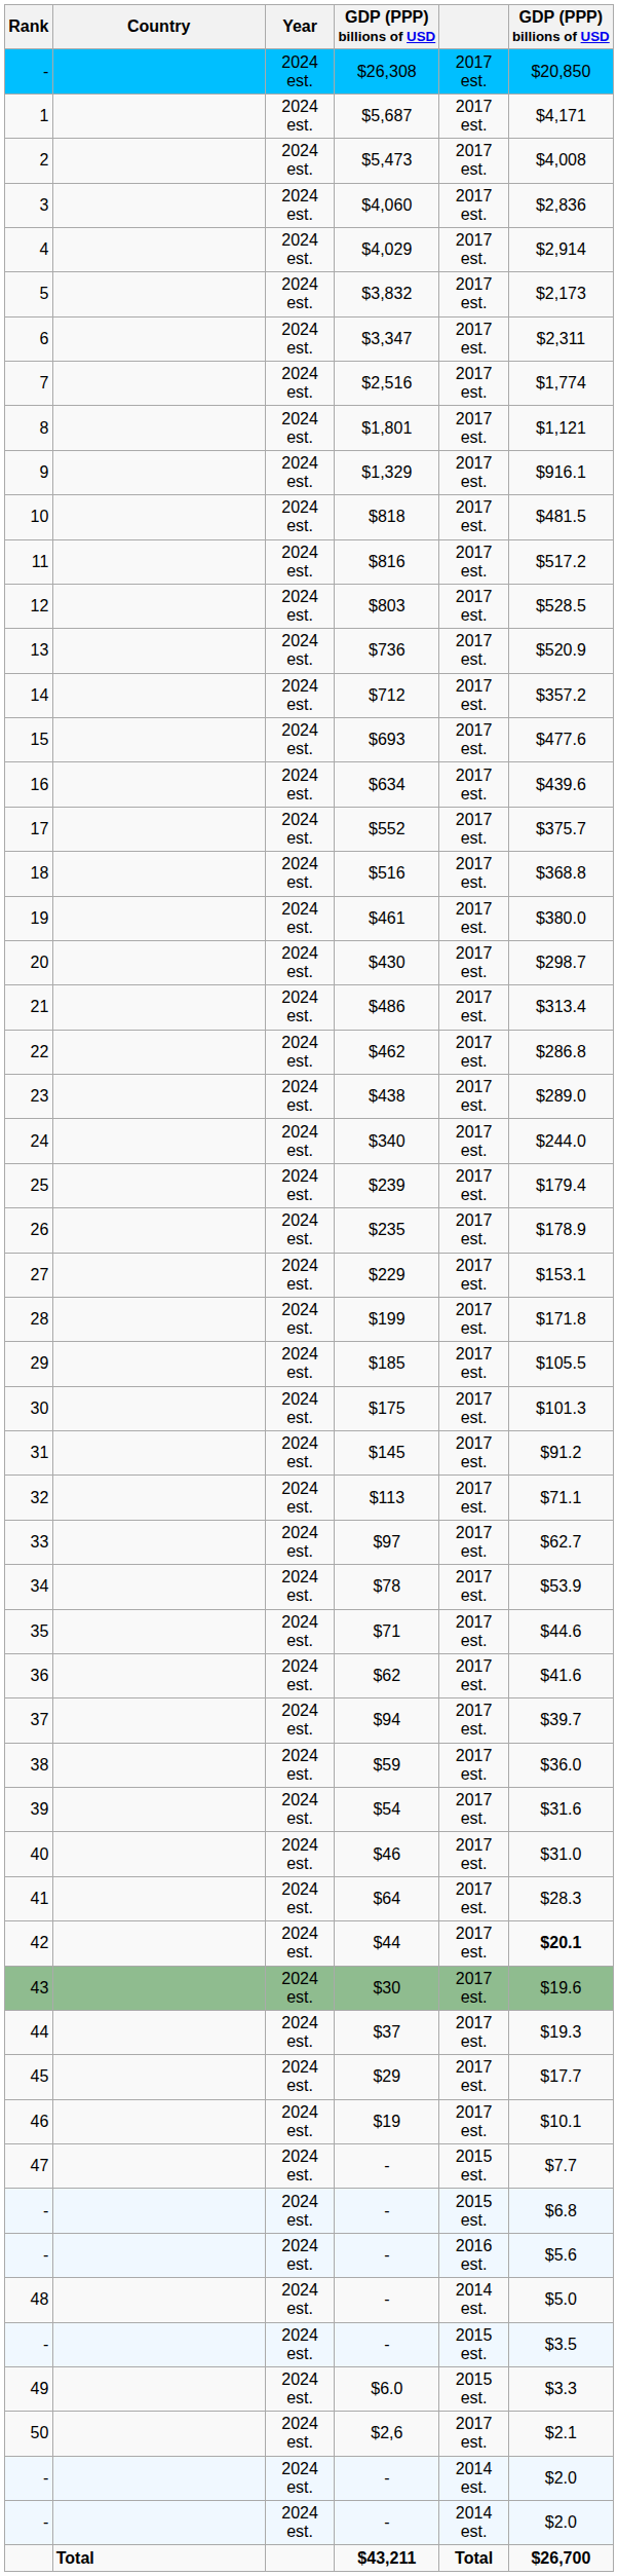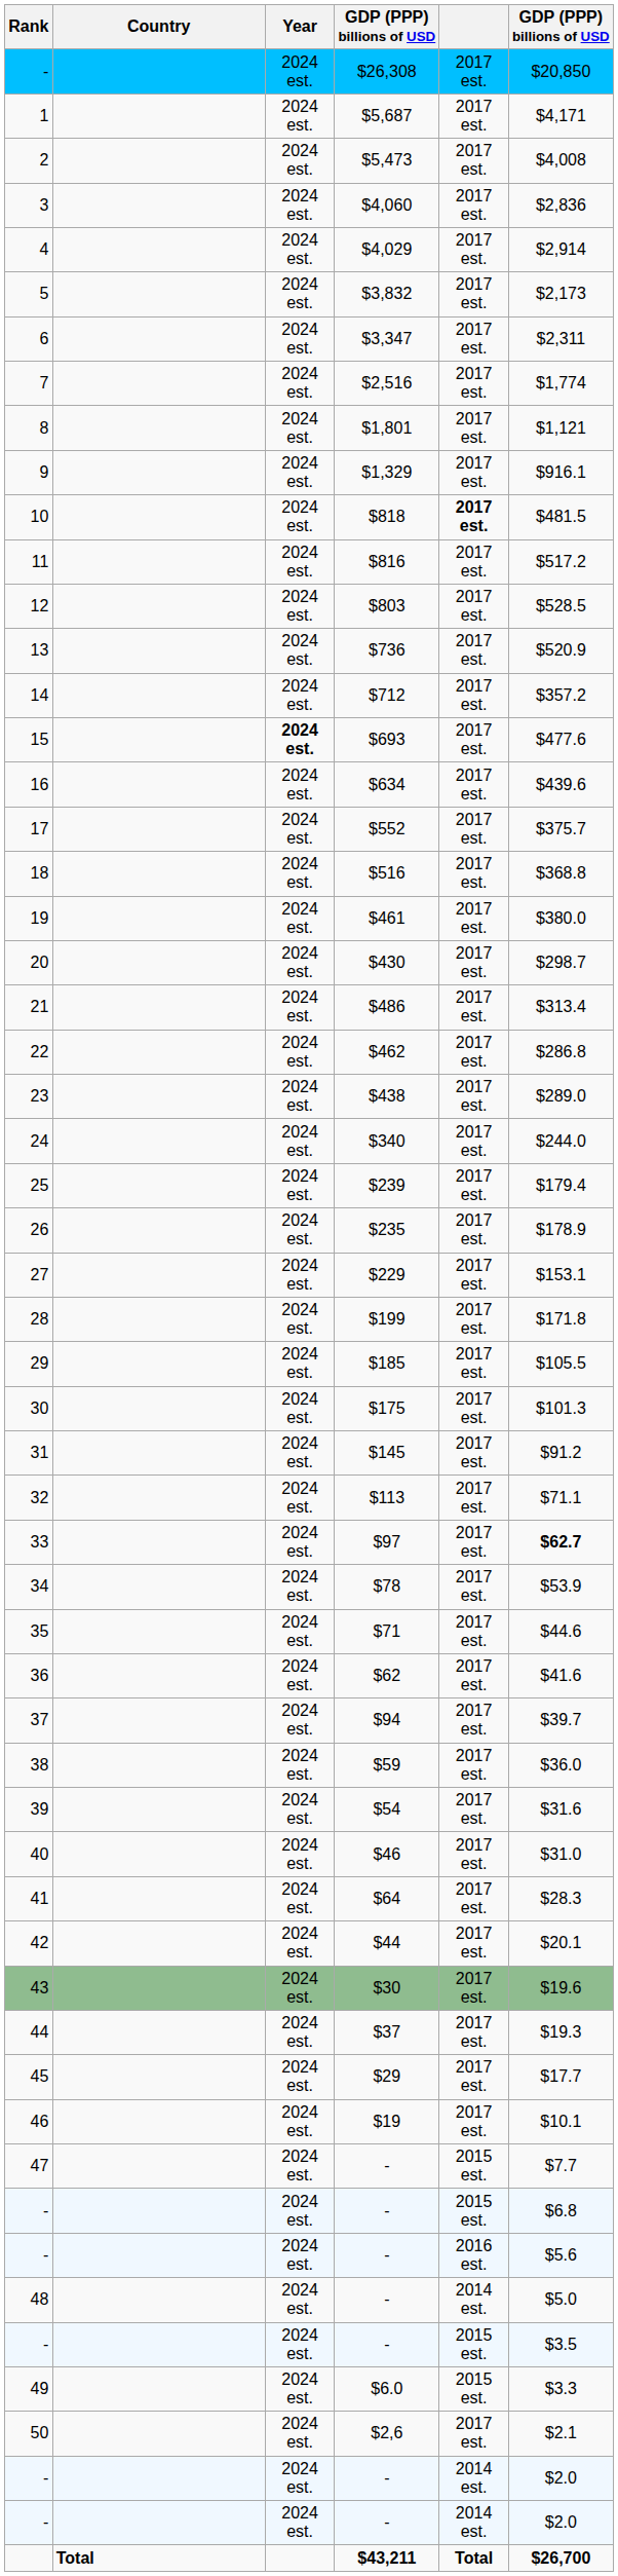 <table class="wikitable sortable" style="text-align: center">
 <tr>
 <th style="width:2em;margin-left:auto;margin-right:auto" ! data-sort-type="number">Rank</th>
 <th style="width: 200px;">Country</th>
 <th style="width: 60px;">Year</th>
 <th>GDP (PPP)<br><small>billions of <a href='#'>USD</a></small></th>
 <th style="width: 60px;"></th>
 <th>GDP (PPP)<br><small>billions of <a href='#'>USD</a></small></th>
 </tr>
 <tr style=background:#00BFFF;>
 <td align="right">-</td>
 <td align="left"></td>
 <td>2024 est.</td>
 <td>$26,308</td>
 <td>2017 est.</td>
 <td>$20,850</td>
 </tr>
 <tr>
 <td align="right">1</td>
 <td align="left"></td>
 <td>2024 est.</td>
 <td>$5,687</td>
 <td>2017 est.</td>
 <td>$4,171</td>
 </tr>
 <tr>
 <td align="right">2</td>
 <td align="left"></td>
 <td>2024 est.</td>
 <td>$5,473</td>
 <td>2017 est.</td>
 <td>$4,008</td>
 </tr>
 <tr>
 <td align="right">3</td>
 <td align="left"></td>
 <td>2024 est.</td>
 <td>$4,060</td>
 <td>2017 est.</td>
 <td>$2,836</td>
 </tr>
 <tr>
 <td align="right">4</td>
 <td align="left"></td>
 <td>2024 est.</td>
 <td>$4,029</td>
 <td>2017 est.</td>
 <td>$2,914</td>
 </tr>
 <tr>
 <td align="right">5</td>
 <td align="left"></td>
 <td>2024 est.</td>
 <td>$3,832</td>
 <td>2017 est.</td>
 <td>$2,173</td>
 </tr>
 <tr>
 <td align="right">6</td>
 <td align="left"></td>
 <td>2024 est.</td>
 <td>$3,347</td>
 <td>2017 est.</td>
 <td>$2,311</td>
 </tr>
 <tr>
 <td align="right">7</td>
 <td align="left"></td>
 <td>2024 est.</td>
 <td>$2,516</td>
 <td>2017 est.</td>
 <td>$1,774</td>
 </tr>
 <tr>
 <td align="right">8</td>
 <td align="left"></td>
 <td>2024 est.</td>
 <td>$1,801</td>
 <td>2017 est.</td>
 <td>$1,121</td>
 </tr>
 <tr>
 <td align="right">9</td>
 <td align="left"></td>
 <td>2024 est.</td>
 <td>$1,329</td>
 <td>2017 est.</td>
 <td>$916.1</td>
 </tr>
 <tr>
 <td align="right">10</td>
 <td align="left"></td>
 <td>2024 est.</td>
 <td>$818</td>
-<td>2017 est.</td>
+<td><strong>2017 est.</strong></td>
 <td>$481.5</td>
 </tr>
 <tr>
 <td align="right">11</td>
 <td align="left"></td>
 <td>2024 est.</td>
 <td>$816</td>
 <td>2017 est.</td>
 <td>$517.2</td>
 </tr>
 <tr>
 <td align="right">12</td>
 <td align="left"></td>
 <td>2024 est.</td>
 <td>$803</td>
 <td>2017 est.</td>
 <td>$528.5</td>
 </tr>
 <tr>
 <td align="right">13</td>
 <td align="left"></td>
 <td>2024 est.</td>
 <td>$736</td>
 <td>2017 est.</td>
 <td>$520.9</td>
 </tr>
 <tr>
 <td align="right">14</td>
 <td align="left"></td>
 <td>2024 est.</td>
 <td>$712</td>
 <td>2017 est.</td>
 <td>$357.2</td>
 </tr>
 <tr>
 <td align="right">15</td>
 <td align="left"></td>
-<td>2024 est.</td>
+<td><strong>2024 est.</strong></td>
 <td>$693</td>
 <td>2017 est.</td>
 <td>$477.6</td>
 </tr>
 <tr>
 <td align="right">16</td>
 <td align="left"></td>
 <td>2024 est.</td>
 <td>$634</td>
 <td>2017 est.</td>
 <td>$439.6</td>
 </tr>
 <tr>
 <td align="right">17</td>
 <td align="left"></td>
 <td>2024 est.</td>
 <td>$552</td>
 <td>2017 est.</td>
 <td>$375.7</td>
 </tr>
 <tr>
 <td align="right">18</td>
 <td align="left"></td>
 <td>2024 est.</td>
 <td>$516</td>
 <td>2017 est.</td>
 <td>$368.8</td>
 </tr>
 <tr>
 <td align="right">19</td>
 <td align="left"></td>
 <td>2024 est.</td>
 <td>$461</td>
 <td>2017 est.</td>
 <td>$380.0</td>
 </tr>
 <tr>
 <td align="right">20</td>
 <td align="left"></td>
 <td>2024 est.</td>
 <td>$430</td>
 <td>2017 est.</td>
 <td>$298.7</td>
 </tr>
 <tr>
 <td align="right">21</td>
 <td align="left"></td>
 <td>2024 est.</td>
 <td>$486</td>
 <td>2017 est.</td>
 <td>$313.4</td>
 </tr>
 <tr>
 <td align="right">22</td>
 <td align="left"></td>
 <td>2024 est.</td>
 <td>$462</td>
 <td>2017 est.</td>
 <td>$286.8</td>
 </tr>
 <tr>
 <td align="right">23</td>
 <td align="left"></td>
 <td>2024 est.</td>
 <td>$438</td>
 <td>2017 est.</td>
 <td>$289.0</td>
 </tr>
 <tr>
 <td align="right">24</td>
 <td align="left"></td>
 <td>2024 est.</td>
 <td>$340</td>
 <td>2017 est.</td>
 <td>$244.0</td>
 </tr>
 <tr>
 <td align="right">25</td>
 <td align="left"></td>
 <td>2024 est.</td>
 <td>$239</td>
 <td>2017 est.</td>
 <td>$179.4</td>
 </tr>
 <tr>
 <td align="right">26</td>
 <td align="left"></td>
 <td>2024 est.</td>
 <td>$235</td>
 <td>2017 est.</td>
 <td>$178.9</td>
 </tr>
 <tr>
 <td align="right">27</td>
 <td align="left"></td>
 <td>2024 est.</td>
 <td>$229</td>
 <td>2017 est.</td>
 <td>$153.1</td>
 </tr>
 <tr>
 <td align="right">28</td>
 <td align="left"></td>
 <td>2024 est.</td>
 <td>$199</td>
 <td>2017 est.</td>
 <td>$171.8</td>
 </tr>
 <tr>
 <td align="right">29</td>
 <td align="left"></td>
 <td>2024 est.</td>
 <td>$185</td>
 <td>2017 est.</td>
 <td>$105.5</td>
 </tr>
 <tr>
 <td align="right">30</td>
 <td align="left"></td>
 <td>2024 est.</td>
 <td>$175</td>
 <td>2017 est.</td>
 <td>$101.3</td>
 </tr>
 <tr>
 <td align="right">31</td>
 <td align="left"></td>
 <td>2024 est.</td>
 <td>$145</td>
 <td>2017 est.</td>
 <td>$91.2</td>
 </tr>
 <tr>
 <td align="right">32</td>
 <td align="left"></td>
 <td>2024 est.</td>
 <td>$113</td>
 <td>2017 est.</td>
 <td>$71.1</td>
 </tr>
 <tr>
 <td align="right">33</td>
 <td align="left"></td>
 <td>2024 est.</td>
 <td>$97</td>
 <td>2017 est.</td>
-<td>$62.7</td>
+<td><strong>$62.7</strong></td>
 </tr>
 <tr>
 <td align="right">34</td>
 <td align="left"></td>
 <td>2024 est.</td>
 <td>$78</td>
 <td>2017 est.</td>
 <td>$53.9</td>
 </tr>
 <tr>
 <td align="right">35</td>
 <td align="left"></td>
 <td>2024 est.</td>
 <td>$71</td>
 <td>2017 est.</td>
 <td>$44.6</td>
 </tr>
 <tr>
 <td align="right">36</td>
 <td align="left"></td>
 <td>2024 est.</td>
 <td>$62</td>
 <td>2017 est.</td>
 <td>$41.6</td>
 </tr>
 <tr>
 <td align="right">37</td>
 <td align="left"></td>
 <td>2024 est.</td>
 <td>$94</td>
 <td>2017 est.</td>
 <td>$39.7</td>
 </tr>
 <tr>
 <td align="right">38</td>
 <td align="left"></td>
 <td>2024 est.</td>
 <td>$59</td>
 <td>2017 est.</td>
 <td>$36.0</td>
 </tr>
 <tr>
 <td align="right">39</td>
 <td align="left"></td>
 <td>2024 est.</td>
 <td>$54</td>
 <td>2017 est.</td>
 <td>$31.6</td>
 </tr>
 <tr>
 <td align="right">40</td>
 <td align="left"></td>
 <td>2024 est.</td>
 <td>$46</td>
 <td>2017 est.</td>
 <td>$31.0</td>
 </tr>
 <tr>
 <td align="right">41</td>
 <td align="left"></td>
 <td>2024 est.</td>
 <td>$64</td>
 <td>2017 est.</td>
 <td>$28.3</td>
 </tr>
 <tr>
 <td align="right">42</td>
 <td align="left"></td>
 <td>2024 est.</td>
 <td>$44</td>
 <td>2017 est.</td>
-<td><strong>$20.1</strong></td>
+<td>$20.1</td>
 </tr>
 <tr style=background:#8FBC8F>
 <td align="right">43</td>
 <td align="left"></td>
 <td>2024 est.</td>
 <td>$30</td>
 <td>2017 est.</td>
 <td>$19.6</td>
 </tr>
 <tr>
 <td align="right">44</td>
 <td align="left"></td>
 <td>2024 est.</td>
 <td>$37</td>
 <td>2017 est.</td>
 <td>$19.3</td>
 </tr>
 <tr>
 <td align="right">45</td>
 <td align="left"></td>
 <td>2024 est.</td>
 <td>$29</td>
 <td>2017 est.</td>
 <td>$17.7</td>
 </tr>
 <tr>
 <td align="right">46</td>
 <td align="left"></td>
 <td>2024 est.</td>
 <td>$19</td>
 <td>2017 est.</td>
 <td>$10.1</td>
 </tr>
 <tr>
 <td align="right">47</td>
 <td align="left"></td>
 <td>2024 est.</td>
 <td>-</td>
 <td>2015 est.</td>
 <td>$7.7</td>
 </tr>
 <tr style=background:#F0F8FF>
 <td align="right">-</td>
 <td align="left"></td>
 <td>2024 est.</td>
 <td>-</td>
 <td>2015 est.</td>
 <td>$6.8</td>
 </tr>
 <tr style=background:#F0F8FF>
 <td align="right">-</td>
 <td align="left"></td>
 <td>2024 est.</td>
 <td>-</td>
 <td>2016 est.</td>
 <td>$5.6</td>
 </tr>
 <tr>
 <td align="right">48</td>
 <td align="left"></td>
 <td>2024 est.</td>
 <td>-</td>
 <td>2014 est.</td>
 <td>$5.0</td>
 </tr>
 <tr style=background:#F0F8FF>
 <td align="right">-</td>
 <td align="left"></td>
 <td>2024 est.</td>
 <td>-</td>
 <td>2015 est.</td>
 <td>$3.5</td>
 </tr>
 <tr>
 <td align="right">49</td>
 <td align="left"></td>
 <td>2024 est.</td>
 <td>$6.0</td>
 <td>2015 est.</td>
 <td>$3.3</td>
 </tr>
 <tr>
 <td align="right">50</td>
 <td align="left"></td>
 <td>2024 est.</td>
 <td>$2,6</td>
 <td>2017 est.</td>
 <td>$2.1</td>
 </tr>
 <tr style=background:#F0F8FF>
 <td align="right">-</td>
 <td align="left"></td>
 <td>2024 est.</td>
 <td>-</td>
 <td>2014 est.</td>
 <td>$2.0</td>
 </tr>
 <tr style=background:#F0F8FF>
 <td align="right">-</td>
 <td align="left"></td>
 <td>2024 est.</td>
 <td>-</td>
 <td>2014 est.</td>
 <td>$2.0</td>
 </tr>
 <tr>
 <td align="right"></td>
 <td align="left"><strong> Total </strong></td>
 <td></td>
 <td><strong>$43,211</strong></td>
 <td><strong> Total </strong></td>
 <td><strong>$26,700</strong></td>
 </tr>
 <tr>
 </tr>
 </table>
